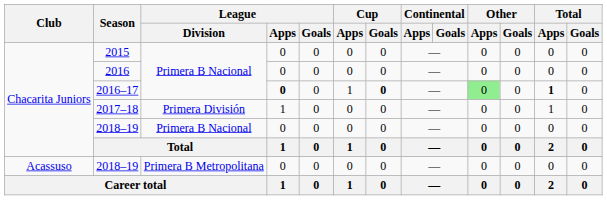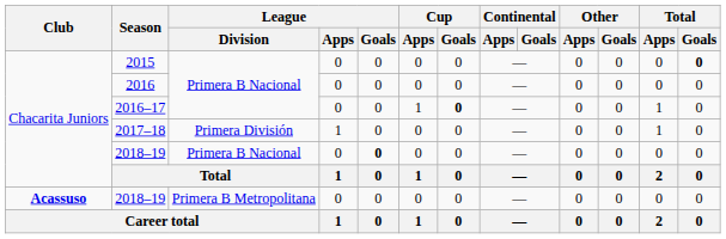 <table class="wikitable" style="text-align:center">
 <tr>
 <th rowspan="2">Club</th>
 <th rowspan="2">Season</th>
 <th colspan="3">League</th>
 <th colspan="2">Cup</th>
 <th colspan="2">Continental</th>
 <th colspan="2">Other</th>
 <th colspan="2">Total</th>
 </tr>
 <tr>
 <th>Division</th>
 <th>Apps</th>
 <th>Goals</th>
 <th>Apps</th>
 <th>Goals</th>
 <th>Apps</th>
 <th>Goals</th>
 <th>Apps</th>
 <th>Goals</th>
 <th>Apps</th>
 <th>Goals</th>
 </tr>
 <tr>
 <td rowspan="6"><a href='#'>Chacarita Juniors</a></td>
 <td><a href='#'>2015</a></td>
 <td rowspan="3"><a href='#'>Primera B Nacional</a></td>
 <td>0</td>
 <td>0</td>
 <td>0</td>
 <td>0</td>
 <td colspan="2">—</td>
 <td>0</td>
 <td>0</td>
 <td>0</td>
-<td>0</td>
+<td><strong>0</strong></td>
 </tr>
 <tr>
 <td><a href='#'>2016</a></td>
 <td>0</td>
 <td>0</td>
 <td>0</td>
 <td>0</td>
 <td colspan="2">—</td>
 <td>0</td>
 <td>0</td>
 <td>0</td>
 <td>0</td>
 </tr>
 <tr>
 <td><a href='#'>2016–17</a></td>
-<td><strong>0</strong></td>
+<td>0</td>
 <td>0</td>
 <td>1</td>
 <td><strong>0</strong></td>
 <td colspan="2">—</td>
-<td style="background: lightgreen;">0</td>
 <td>0</td>
-<td><strong>1</strong></td>
+<td>0</td>
+<td>1</td>
 <td>0</td>
 </tr>
 <tr>
 <td><a href='#'>2017–18</a></td>
 <td rowspan="1"><a href='#'>Primera División</a></td>
 <td>1</td>
 <td>0</td>
 <td>0</td>
 <td>0</td>
 <td colspan="2">—</td>
 <td>0</td>
 <td>0</td>
 <td>1</td>
 <td>0</td>
 </tr>
 <tr>
 <td><a href='#'>2018–19</a></td>
 <td rowspan="1"><a href='#'>Primera B Nacional</a></td>
 <td>0</td>
-<td>0</td>
+<td><strong>0</strong></td>
 <td>0</td>
 <td>0</td>
 <td colspan="2">—</td>
 <td>0</td>
 <td>0</td>
 <td>0</td>
 <td>0</td>
 </tr>
 <tr>
 <th colspan="2">Total</th>
 <th>1</th>
 <th>0</th>
 <th>1</th>
 <th>0</th>
 <th colspan="2">—</th>
 <th>0</th>
 <th>0</th>
 <th>2</th>
 <th>0</th>
 </tr>
 <tr>
-<td rowspan="1"><a href='#'>Acassuso</a></td>
+<td rowspan="1"><strong><a href='#'>Acassuso</a></strong></td>
 <td><a href='#'>2018–19</a></td>
 <td rowspan="1"><a href='#'>Primera B Metropolitana</a></td>
 <td>0</td>
 <td>0</td>
 <td>0</td>
 <td>0</td>
 <td colspan="2">—</td>
 <td>0</td>
 <td>0</td>
 <td>0</td>
 <td>0</td>
 </tr>
 <tr>
 <th colspan="3">Career total</th>
 <th>1</th>
 <th>0</th>
 <th>1</th>
 <th>0</th>
 <th colspan="2">—</th>
 <th>0</th>
 <th>0</th>
 <th>2</th>
 <th>0</th>
 </tr>
 </table>
